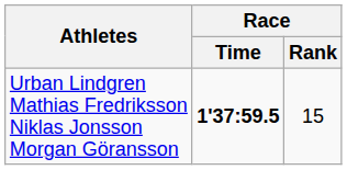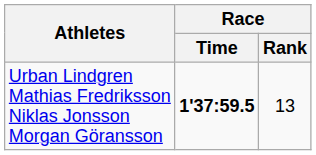 <table class="wikitable" border="1" style="font-size:90%">
 <tr>
 <th rowspan=2>Athletes</th>
 <th colspan=2>Race</th>
 </tr>
 <tr>
 <th>Time</th>
 <th>Rank</th>
 </tr>
 <tr>
 <td><a href='#'>Urban Lindgren</a><br><a href='#'>Mathias Fredriksson</a><br><a href='#'>Niklas Jonsson</a><br><a href='#'>Morgan Göransson</a></td>
 <td align=center><strong>1'37:59.5</strong></td>
-<td align=center>15</td>
+<td align=center>13</td>
 </tr>
 </table>
